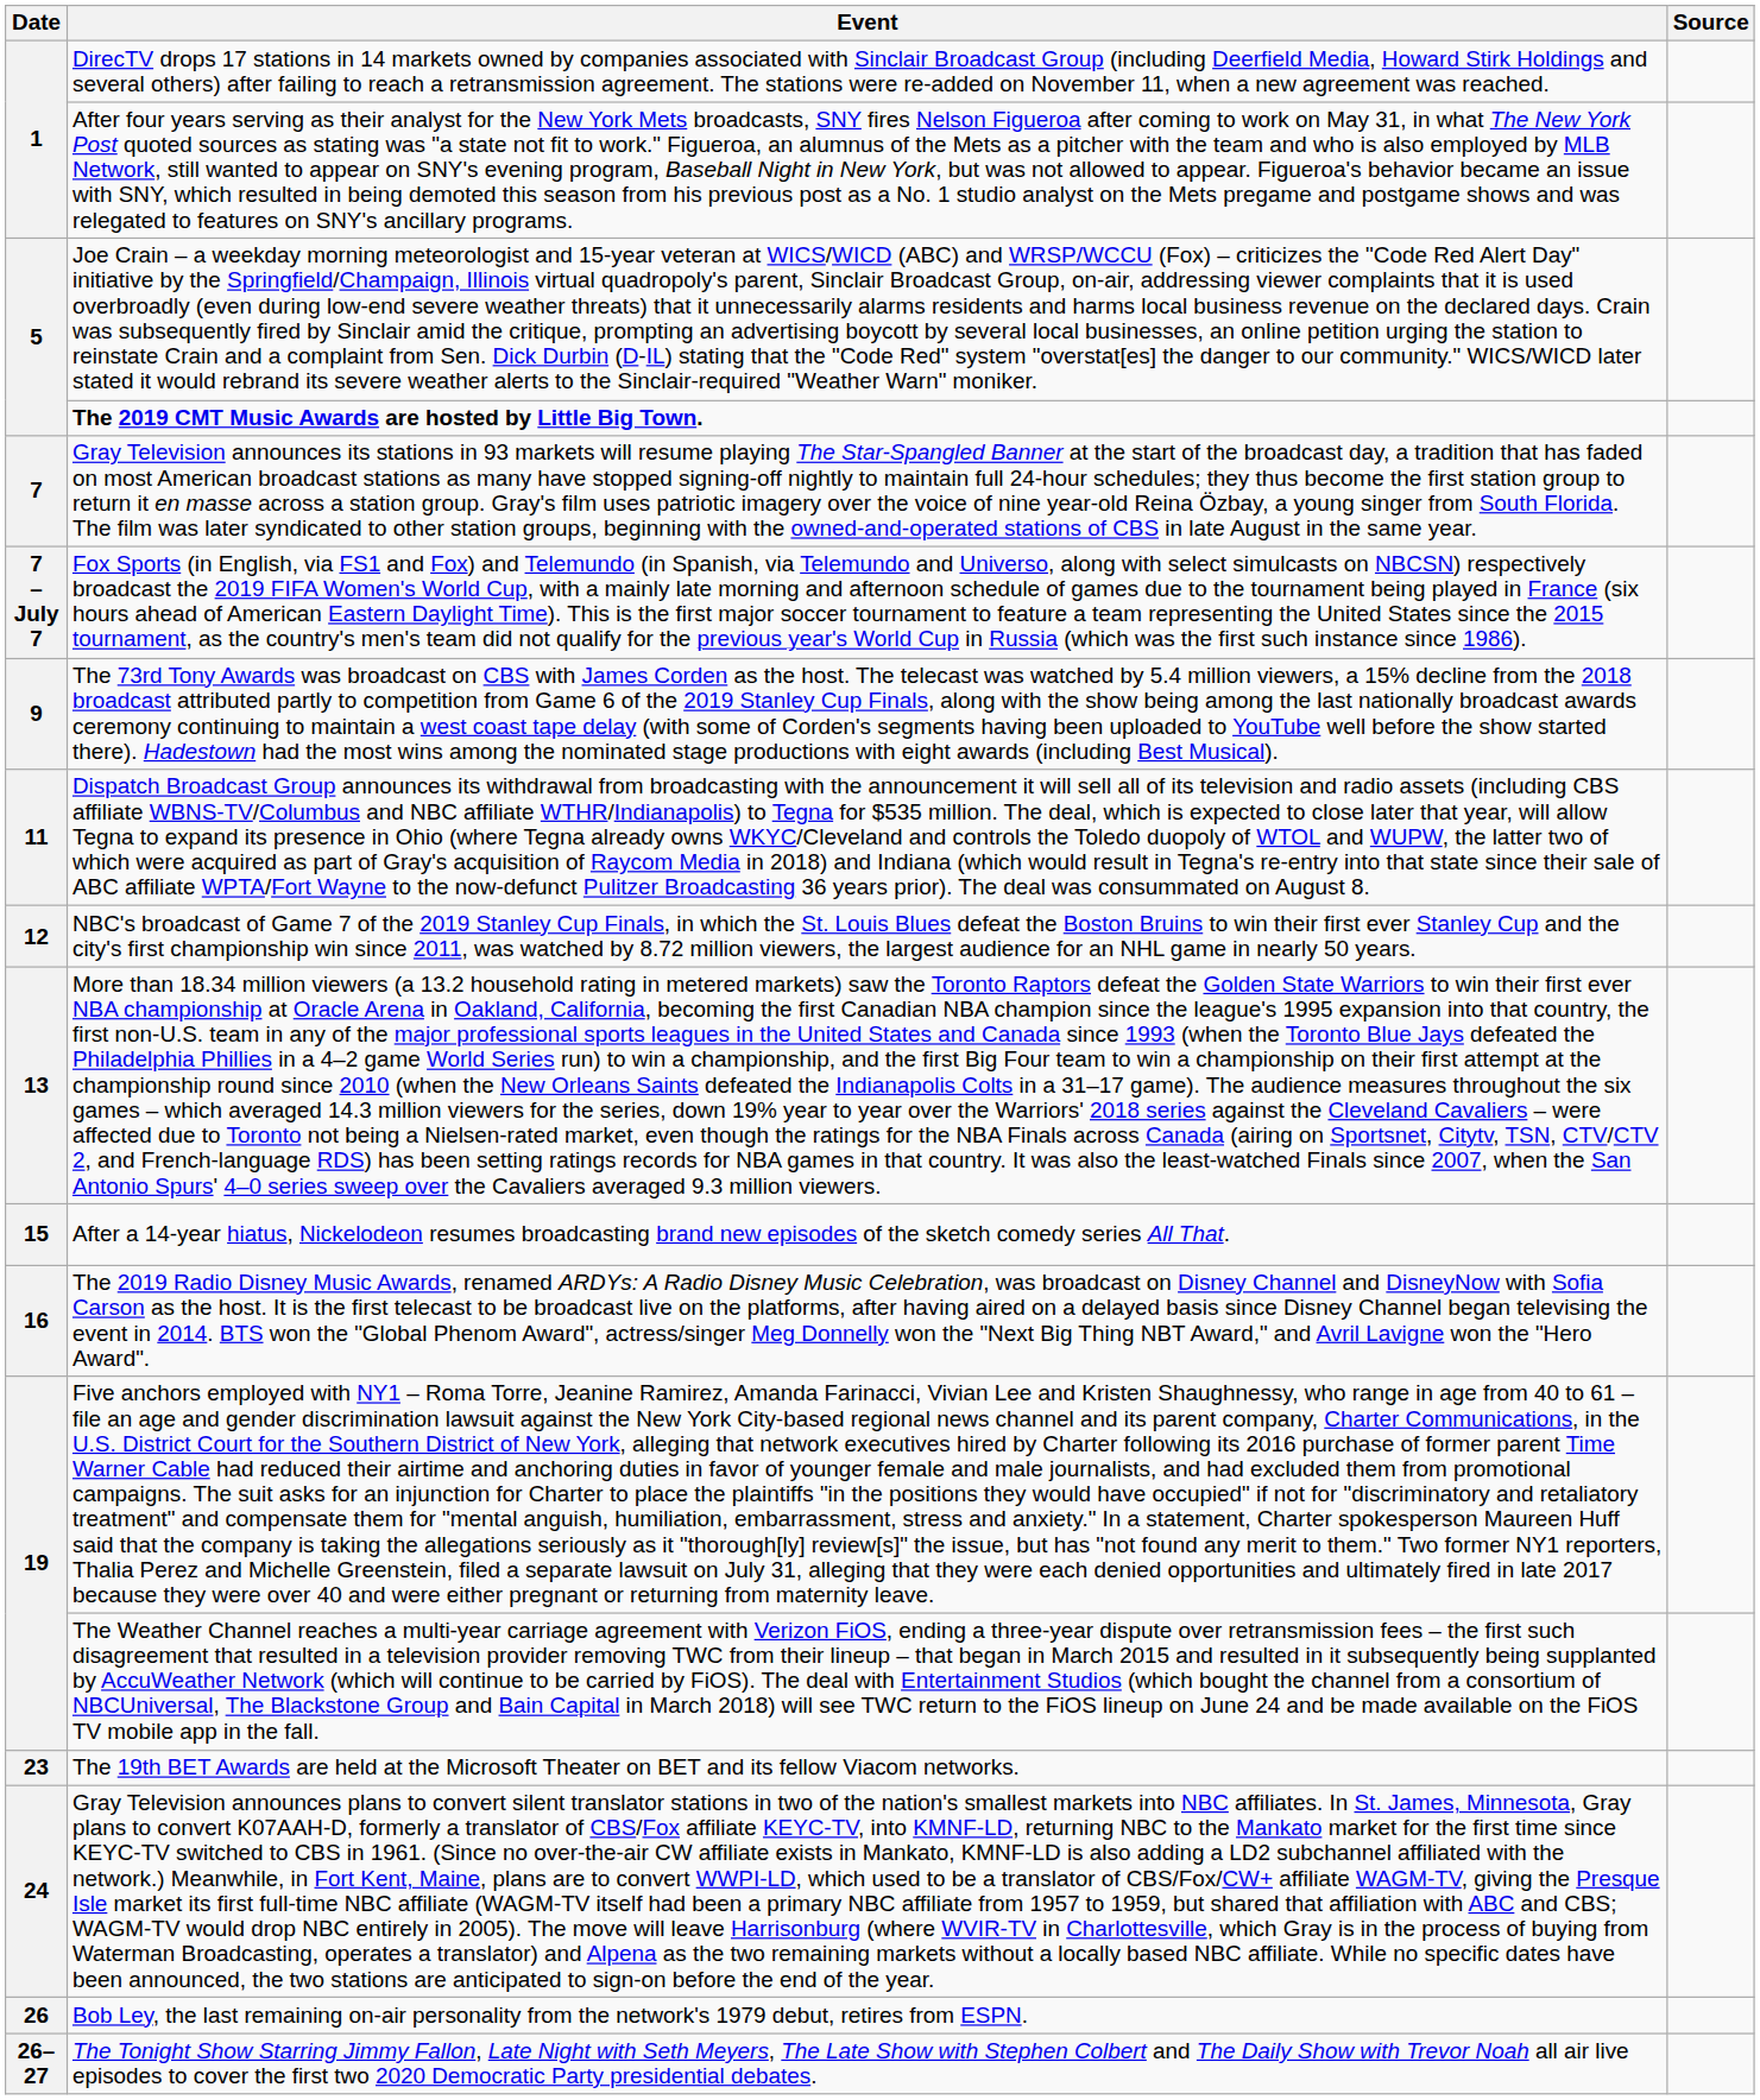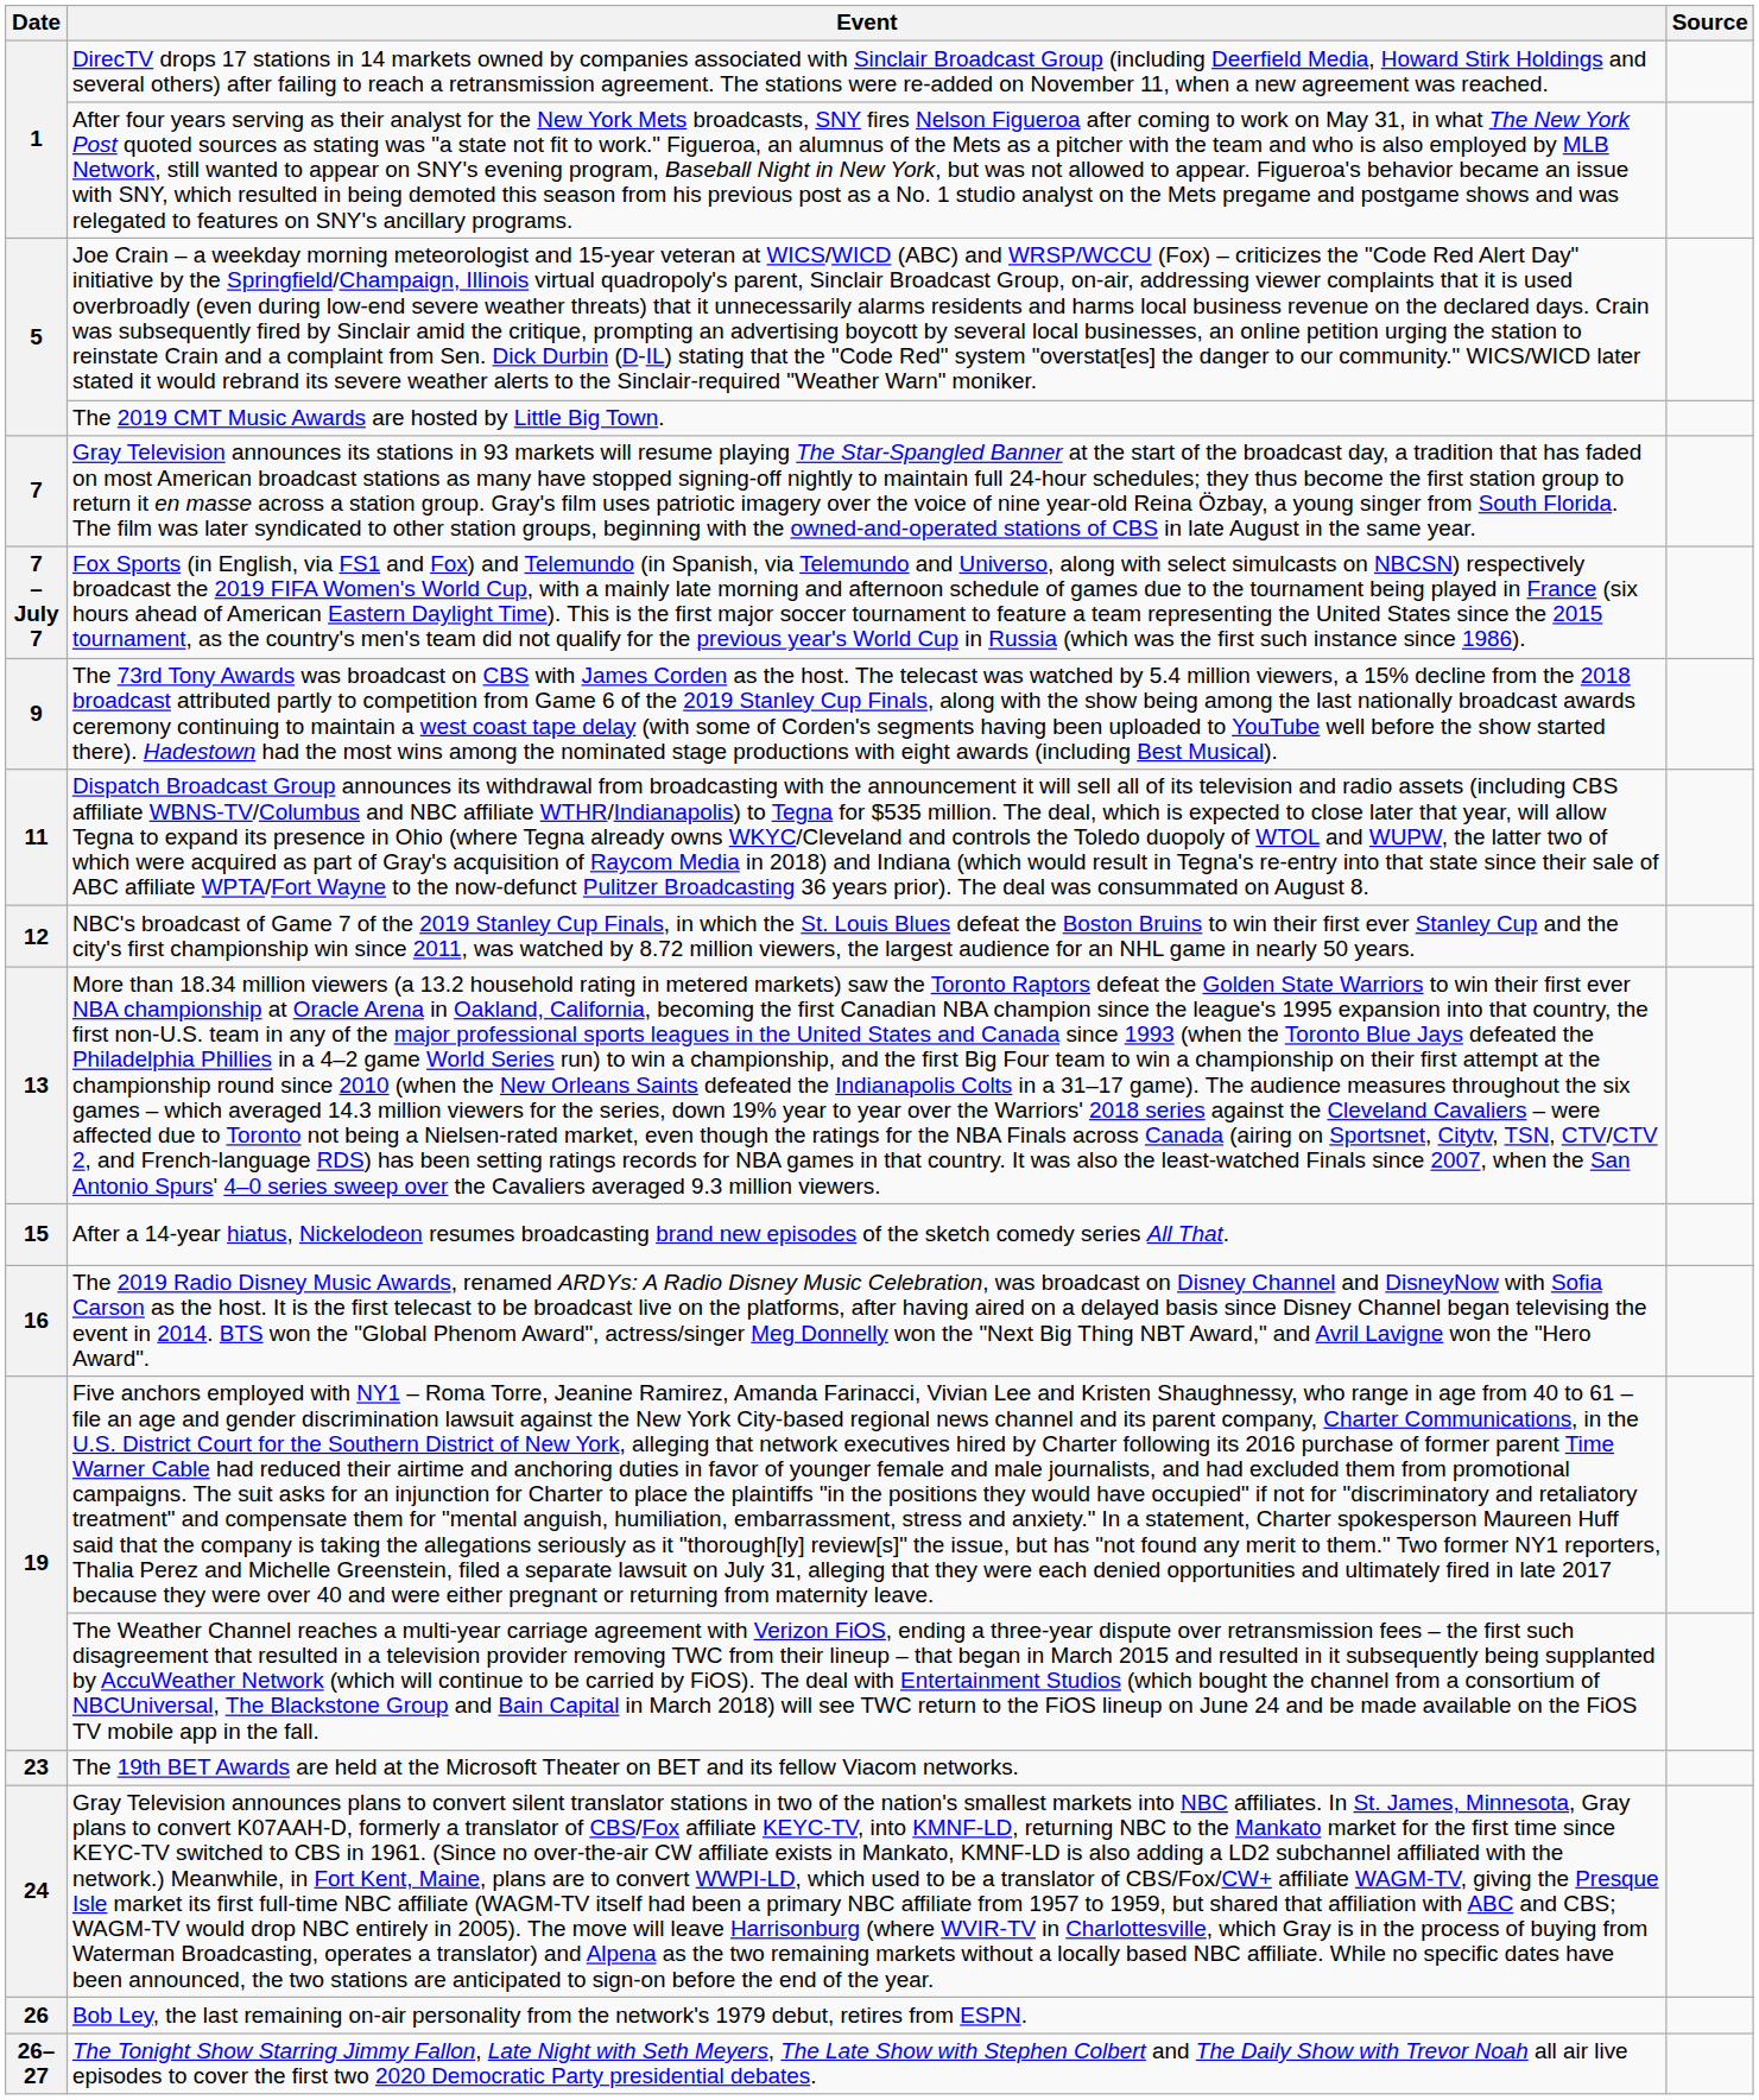 <table class="wikitable">
 <tr>
 <th>Date</th>
 <th>Event</th>
 <th>Source</th>
 </tr>
 <tr>
 <th rowspan=2>1</th>
 <td><a href='#'>DirecTV</a> drops 17 stations in 14 markets owned by companies associated with <a href='#'>Sinclair Broadcast Group</a> (including <a href='#'>Deerfield Media</a>, <a href='#'>Howard Stirk Holdings</a> and several others) after failing to reach a retransmission agreement. The stations were re-added on November 11, when a new agreement was reached.</td>
 <td></td>
 </tr>
 <tr>
 <td>After four years serving as their analyst for the <a href='#'>New York Mets</a> broadcasts, <a href='#'>SNY</a> fires <a href='#'>Nelson Figueroa</a> after coming to work on May 31, in what <em><a href='#'>The New York Post</a></em> quoted sources as stating was "a state not fit to work." Figueroa, an alumnus of the Mets as a pitcher with the team and who is also employed by <a href='#'>MLB Network</a>, still wanted to appear on SNY's evening program, <em>Baseball Night in New York</em>, but was not allowed to appear. Figueroa's behavior became an issue with SNY, which resulted in being demoted this season from his previous post as a No. 1 studio analyst on the Mets pregame and postgame shows and was relegated to features on SNY's ancillary programs.</td>
 <td></td>
 </tr>
 <tr>
 <th rowspan="2">5</th>
 <td>Joe Crain – a weekday morning meteorologist and 15-year veteran at <a href='#'>WICS</a>/<a href='#'>WICD</a> (ABC) and <a href='#'>WRSP/WCCU</a> (Fox) – criticizes the "Code Red Alert Day" initiative by the <a href='#'>Springfield</a>/<a href='#'>Champaign, Illinois</a> virtual quadropoly's parent, Sinclair Broadcast Group, on-air, addressing viewer complaints that it is used overbroadly (even during low-end severe weather threats) that it unnecessarily alarms residents and harms local business revenue on the declared days. Crain was subsequently fired by Sinclair amid the critique, prompting an advertising boycott by several local businesses, an online petition urging the station to reinstate Crain and a complaint from Sen. <a href='#'>Dick Durbin</a> (<a href='#'>D</a>-<a href='#'>IL</a>) stating that the "Code Red" system "overstat[es] the danger to our community." WICS/WICD later stated it would rebrand its severe weather alerts to the Sinclair-required "Weather Warn" moniker.</td>
 <td><br></td>
 </tr>
 <tr>
-<td><strong>The <a href='#'>2019 CMT Music Awards</a> are hosted by <a href='#'>Little Big Town</a>.</strong></td>
+<td>The <a href='#'>2019 CMT Music Awards</a> are hosted by <a href='#'>Little Big Town</a>.</td>
 <td></td>
 </tr>
 <tr>
 <th>7</th>
 <td><a href='#'>Gray Television</a> announces its stations in 93 markets will resume playing <em><a href='#'>The Star-Spangled Banner</a></em> at the start of the broadcast day, a tradition that has faded on most American broadcast stations as many have stopped signing-off nightly to maintain full 24-hour schedules; they thus become the first station group to return it <em>en masse</em> across a station group. Gray's film uses patriotic imagery over the voice of nine year-old Reina Özbay, a young singer from <a href='#'>South Florida</a>. The film was later syndicated to other station groups, beginning with the <a href='#'>owned-and-operated stations of CBS</a> in late August in the same year.</td>
 <td></td>
 </tr>
 <tr>
 <th>7<br>–July 7</th>
 <td><a href='#'>Fox Sports</a> (in English, via <a href='#'>FS1</a> and <a href='#'>Fox</a>) and <a href='#'>Telemundo</a> (in Spanish, via <a href='#'>Telemundo</a> and <a href='#'>Universo</a>, along with select simulcasts on <a href='#'>NBCSN</a>) respectively broadcast the <a href='#'>2019 FIFA Women's World Cup</a>, with a mainly late morning and afternoon schedule of games due to the tournament being played in <a href='#'>France</a> (six hours ahead of American <a href='#'>Eastern Daylight Time</a>). This is the first major soccer tournament to feature a team representing the United States since the <a href='#'>2015 tournament</a>, as the country's men's team did not qualify for the <a href='#'>previous year's World Cup</a> in <a href='#'>Russia</a> (which was the first such instance since <a href='#'>1986</a>).</td>
 <td></td>
 </tr>
 <tr>
 <th>9</th>
 <td>The <a href='#'>73rd Tony Awards</a> was broadcast on <a href='#'>CBS</a> with <a href='#'>James Corden</a> as the host. The telecast was watched by 5.4 million viewers, a 15% decline from the <a href='#'>2018 broadcast</a> attributed partly to competition from Game 6 of the <a href='#'>2019 Stanley Cup Finals</a>, along with the show being among the last nationally broadcast awards ceremony continuing to maintain a <a href='#'>west coast tape delay</a> (with some of Corden's segments having been uploaded to <a href='#'>YouTube</a> well before the show started there). <em><a href='#'>Hadestown</a></em> had the most wins among the nominated stage productions with eight awards (including <a href='#'>Best Musical</a>).</td>
 <td></td>
 </tr>
 <tr>
 <th>11</th>
 <td><a href='#'>Dispatch Broadcast Group</a> announces its withdrawal from broadcasting with the announcement it will sell all of its television and radio assets (including CBS affiliate <a href='#'>WBNS-TV</a>/<a href='#'>Columbus</a> and NBC affiliate <a href='#'>WTHR</a>/<a href='#'>Indianapolis</a>) to <a href='#'>Tegna</a> for $535 million. The deal, which is expected to close later that year, will allow Tegna to expand its presence in Ohio (where Tegna already owns <a href='#'>WKYC</a>/Cleveland and controls the Toledo duopoly of <a href='#'>WTOL</a> and <a href='#'>WUPW</a>, the latter two of which were acquired as part of Gray's acquisition of <a href='#'>Raycom Media</a> in 2018) and Indiana (which would result in Tegna's re-entry into that state since their sale of ABC affiliate <a href='#'>WPTA</a>/<a href='#'>Fort Wayne</a> to the now-defunct <a href='#'>Pulitzer Broadcasting</a> 36 years prior). The deal was consummated on August 8.</td>
 <td></td>
 </tr>
 <tr>
 <th>12</th>
 <td>NBC's broadcast of Game 7 of the <a href='#'>2019 Stanley Cup Finals</a>, in which the <a href='#'>St. Louis Blues</a> defeat the <a href='#'>Boston Bruins</a> to win their first ever <a href='#'>Stanley Cup</a> and the city's first championship win since <a href='#'>2011</a>, was watched by 8.72 million viewers, the largest audience for an NHL game in nearly 50 years.</td>
 <td></td>
 </tr>
 <tr>
 <th>13</th>
 <td>More than 18.34 million viewers (a 13.2 household rating in metered markets) saw the <a href='#'>Toronto Raptors</a> defeat the <a href='#'>Golden State Warriors</a> to win their first ever <a href='#'>NBA championship</a> at <a href='#'>Oracle Arena</a> in <a href='#'>Oakland, California</a>, becoming the first Canadian NBA champion since the league's 1995 expansion into that country, the first non-U.S. team in any of the <a href='#'>major professional sports leagues in the United States and Canada</a> since <a href='#'>1993</a> (when the <a href='#'>Toronto Blue Jays</a> defeated the <a href='#'>Philadelphia Phillies</a> in a 4–2 game <a href='#'>World Series</a> run) to win a championship, and the first Big Four team to win a championship on their first attempt at the championship round since <a href='#'>2010</a> (when the <a href='#'>New Orleans Saints</a> defeated the <a href='#'>Indianapolis Colts</a> in a 31–17 game). The audience measures throughout the six games – which averaged 14.3 million viewers for the series, down 19% year to year over the Warriors' <a href='#'>2018 series</a> against the <a href='#'>Cleveland Cavaliers</a> – were affected due to <a href='#'>Toronto</a> not being a Nielsen-rated market, even though the ratings for the NBA Finals across <a href='#'>Canada</a> (airing on <a href='#'>Sportsnet</a>, <a href='#'>Citytv</a>, <a href='#'>TSN</a>, <a href='#'>CTV</a>/<a href='#'>CTV 2</a>, and French-language <a href='#'>RDS</a>) has been setting ratings records for NBA games in that country. It was also the least-watched Finals since <a href='#'>2007</a>, when the <a href='#'>San Antonio Spurs</a>' <a href='#'>4–0 series sweep over</a> the Cavaliers averaged 9.3 million viewers.</td>
 <td><br></td>
 </tr>
 <tr>
 <th>15</th>
 <td>After a 14-year <a href='#'>hiatus</a>, <a href='#'>Nickelodeon</a> resumes broadcasting <a href='#'>brand new episodes</a> of the sketch comedy series <em><a href='#'>All That</a></em>.</td>
 <td><br><br></td>
 </tr>
 <tr>
 <th>16</th>
 <td>The <a href='#'>2019 Radio Disney Music Awards</a>, renamed <em>ARDYs: A Radio Disney Music Celebration</em>, was broadcast on <a href='#'>Disney Channel</a> and <a href='#'>DisneyNow</a> with <a href='#'>Sofia Carson</a> as the host. It is the first telecast to be broadcast live on the platforms, after having aired on a delayed basis since Disney Channel began televising the event in <a href='#'>2014</a>. <a href='#'>BTS</a> won the "Global Phenom Award", actress/singer <a href='#'>Meg Donnelly</a> won the "Next Big Thing NBT Award," and <a href='#'>Avril Lavigne</a> won the "Hero Award".</td>
 <td></td>
 </tr>
 <tr>
 <th rowspan=2>19</th>
 <td>Five anchors employed with <a href='#'>NY1</a> – Roma Torre, Jeanine Ramirez, Amanda Farinacci, Vivian Lee and Kristen Shaughnessy, who range in age from 40 to 61 – file an age and gender discrimination lawsuit against the New York City-based regional news channel and its parent company, <a href='#'>Charter Communications</a>, in the <a href='#'>U.S. District Court for the Southern District of New York</a>, alleging that network executives hired by Charter following its 2016 purchase of former parent <a href='#'>Time Warner Cable</a> had reduced their airtime and anchoring duties in favor of younger female and male journalists, and had excluded them from promotional campaigns. The suit asks for an injunction for Charter to place the plaintiffs "in the positions they would have occupied" if not for "discriminatory and retaliatory treatment" and compensate them for "mental anguish, humiliation, embarrassment, stress and anxiety." In a statement, Charter spokesperson Maureen Huff said that the company is taking the allegations seriously as it "thorough[ly] review[s]" the issue, but has "not found any merit to them." Two former NY1 reporters, Thalia Perez and Michelle Greenstein, filed a separate lawsuit on July 31, alleging that they were each denied opportunities and ultimately fired in late 2017 because they were over 40 and were either pregnant or returning from maternity leave.</td>
 <td><br></td>
 </tr>
 <tr>
 <td>The Weather Channel reaches a multi-year carriage agreement with <a href='#'>Verizon FiOS</a>, ending a three-year dispute over retransmission fees – the first such disagreement that resulted in a television provider removing TWC from their lineup – that began in March 2015 and resulted in it subsequently being supplanted by <a href='#'>AccuWeather Network</a> (which will continue to be carried by FiOS). The deal with <a href='#'>Entertainment Studios</a> (which bought the channel from a consortium of <a href='#'>NBCUniversal</a>, <a href='#'>The Blackstone Group</a> and <a href='#'>Bain Capital</a> in March 2018) will see TWC return to the FiOS lineup on June 24 and be made available on the FiOS TV mobile app in the fall.</td>
 <td><br></td>
 </tr>
 <tr>
 <th>23</th>
 <td>The <a href='#'>19th BET Awards</a> are held at the Microsoft Theater on BET and its fellow Viacom networks.</td>
 <td></td>
 </tr>
 <tr>
 <th>24</th>
 <td>Gray Television announces plans to convert silent translator stations in two of the nation's smallest markets into <a href='#'>NBC</a> affiliates. In <a href='#'>St. James, Minnesota</a>, Gray plans to convert K07AAH-D, formerly a translator of <a href='#'>CBS</a>/<a href='#'>Fox</a> affiliate <a href='#'>KEYC-TV</a>, into <a href='#'>KMNF-LD</a>, returning NBC to the <a href='#'>Mankato</a> market for the first time since KEYC-TV switched to CBS in 1961. (Since no over-the-air CW affiliate exists in Mankato, KMNF-LD is also adding a LD2 subchannel affiliated with the network.) Meanwhile, in <a href='#'>Fort Kent, Maine</a>, plans are to convert <a href='#'>WWPI-LD</a>, which used to be a translator of CBS/Fox/<a href='#'>CW+</a> affiliate <a href='#'>WAGM-TV</a>, giving the <a href='#'>Presque Isle</a> market its first full-time NBC affiliate (WAGM-TV itself had been a primary NBC affiliate from 1957 to 1959, but shared that affiliation with <a href='#'>ABC</a> and CBS; WAGM-TV would drop NBC entirely in 2005). The move will leave <a href='#'>Harrisonburg</a> (where <a href='#'>WVIR-TV</a> in <a href='#'>Charlottesville</a>, which Gray is in the process of buying from Waterman Broadcasting, operates a translator) and <a href='#'>Alpena</a> as the two remaining markets without a locally based NBC affiliate. While no specific dates have been announced, the two stations are anticipated to sign-on before the end of the year.</td>
 <td></td>
 </tr>
 <tr>
 <th>26</th>
 <td><a href='#'>Bob Ley</a>, the last remaining on-air personality from the network's 1979 debut, retires from <a href='#'>ESPN</a>.</td>
 <td></td>
 </tr>
 <tr>
 <th>26–27</th>
 <td><em><a href='#'>The Tonight Show Starring Jimmy Fallon</a></em>, <em><a href='#'>Late Night with Seth Meyers</a></em>, <em><a href='#'>The Late Show with Stephen Colbert</a></em> and <em><a href='#'>The Daily Show with Trevor Noah</a></em> all air live episodes to cover the first two <a href='#'>2020 Democratic Party presidential debates</a>.</td>
 <td></td>
 </tr>
 </table>
